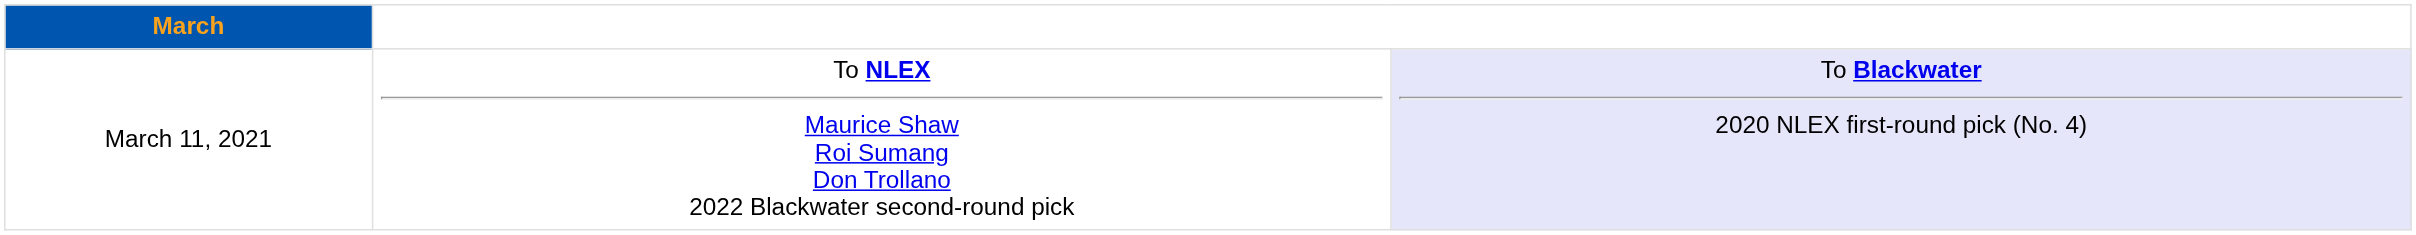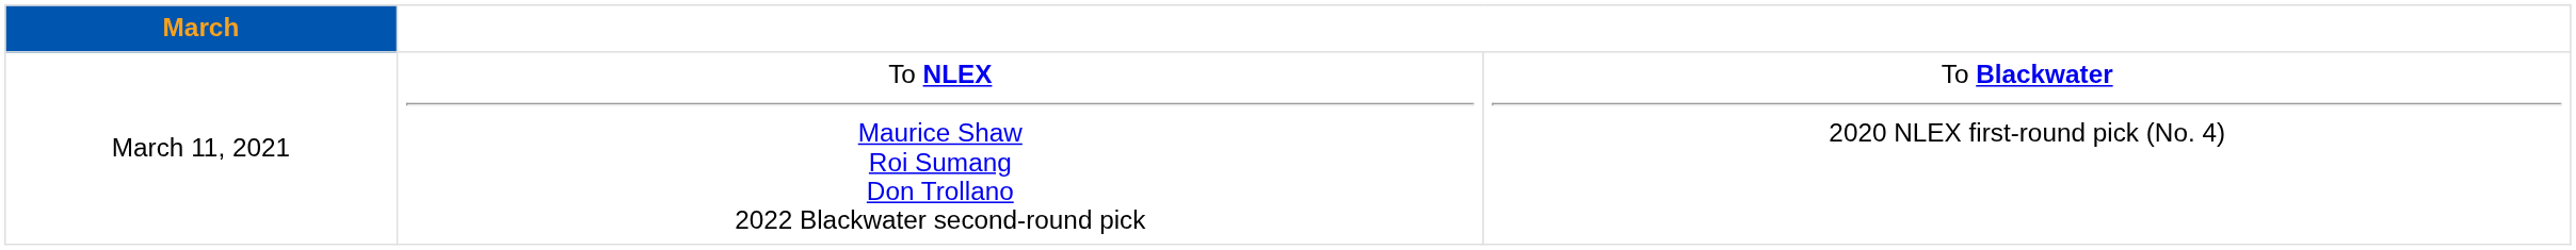 <table border=1 style="border-collapse:collapse; text-align: center; width: 100%" bordercolor="#DFDFDF"  cellpadding="5">
 <tr bgcolor="eeeeee">
 <th style="background:#0055AF; color:#F9A21D; ">March</th>
 </tr>
 <tr>
 <td style="width:12%">March 11, 2021</td>
 <td style="width:33.3%" valign="top">To <strong><a href='#'>NLEX</a></strong><hr><a href='#'>Maurice Shaw</a><br><a href='#'>Roi Sumang</a><br><a href='#'>Don Trollano</a><br>2022 Blackwater second-round pick</td>
-<td style="background: lavender; width:33.3%" valign="top">To <strong><a href='#'>Blackwater</a></strong><hr>2020 NLEX first-round pick (No. 4)</td>
+<td style="width:33.3%" valign="top">To <strong><a href='#'>Blackwater</a></strong><hr>2020 NLEX first-round pick (No. 4)</td>
 </tr>
 </table>
